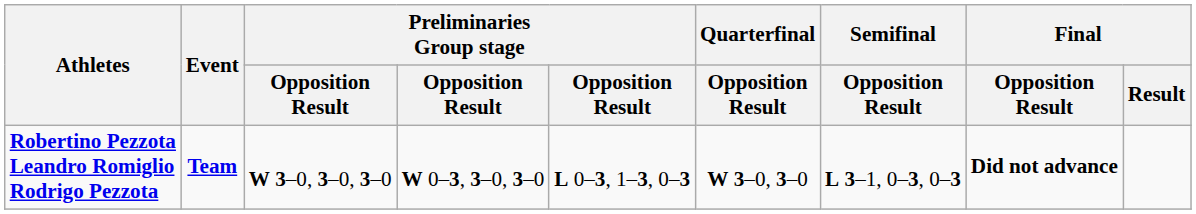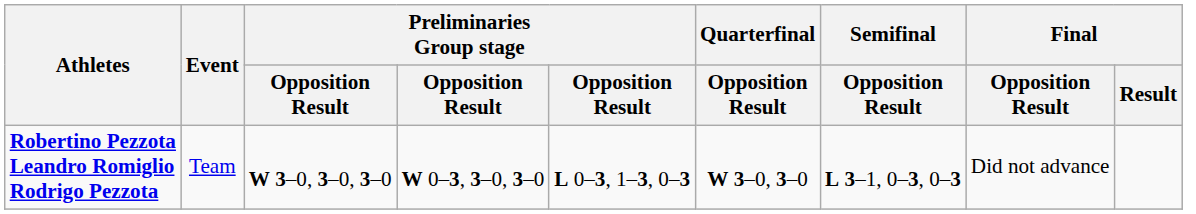 <table class="wikitable" border="1" style="font-size:90%">
 <tr>
 <th rowspan=2>Athletes</th>
 <th rowspan=2>Event</th>
 <th colspan=3>Preliminaries<br>Group stage</th>
 <th>Quarterfinal</th>
 <th>Semifinal</th>
 <th colspan=2>Final</th>
 </tr>
 <tr>
 <th>Opposition<br>Result</th>
 <th>Opposition<br>Result</th>
 <th>Opposition<br>Result</th>
 <th>Opposition<br>Result</th>
 <th>Opposition<br>Result</th>
 <th>Opposition<br>Result</th>
 <th>Result</th>
 </tr>
 <tr>
 <td><strong><a href='#'>Robertino Pezzota</a></strong><br><strong><a href='#'>Leandro Romiglio</a></strong><br><strong><a href='#'>Rodrigo Pezzota</a></strong></td>
-<td align=center><strong><a href='#'>Team</a></strong></td>
+<td align=center><a href='#'>Team</a></td>
 <td align=center><br><strong>W</strong> <strong>3</strong>–0, <strong>3</strong>–0, <strong>3</strong>–0</td>
 <td align=center><br><strong>W</strong> 0–<strong>3</strong>, <strong>3</strong>–0, <strong>3</strong>–0</td>
 <td align=center><br><strong>L</strong> 0–<strong>3</strong>, 1–<strong>3</strong>, 0–<strong>3</strong></td>
 <td align=center><br><strong>W</strong> <strong>3</strong>–0, <strong>3</strong>–0</td>
 <td align=center><br><strong>L</strong> <strong>3</strong>–1, 0–<strong>3</strong>, 0–<strong>3</strong></td>
-<td align=center><strong>Did not advance</strong></td>
+<td align=center>Did not advance</td>
 <td align=center></td>
 </tr>
 </table>
